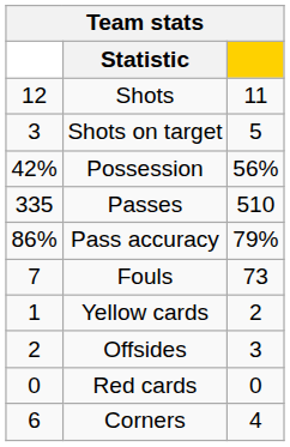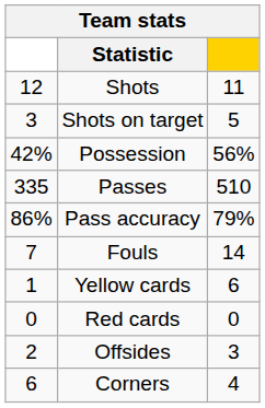 <table class="wikitable" style="margin-left: auto; margin-right: auto; border: none; text-align:center;">
 <tr>
 <th colspan=3>Team stats</th>
 </tr>
 <tr>
 <th style="background: #FFFFFF; color: #000000;"> <a href='#'></a></th>
 <th>Statistic</th>
 <th style="background: #FED100; color: #000000;"> <a href='#'></a></th>
 </tr>
 <tr>
 <td>12</td>
 <td>Shots</td>
 <td>11</td>
 </tr>
 <tr>
 <td>3</td>
 <td>Shots on target</td>
 <td>5</td>
 </tr>
 <tr>
 <td>42%</td>
 <td>Possession</td>
 <td>56%</td>
 </tr>
 <tr>
 <td>335</td>
 <td>Passes</td>
 <td>510</td>
 </tr>
 <tr>
 <td>86%</td>
 <td>Pass accuracy</td>
 <td>79%</td>
 </tr>
 <tr>
 <td>7</td>
 <td>Fouls</td>
-<td>73</td>
+<td>14</td>
 </tr>
 <tr>
 <td>1</td>
 <td>Yellow cards</td>
-<td>2</td>
+<td>6</td>
+</tr>
+<tr>
+<td>0</td>
+<td>Red cards</td>
+<td>0</td>
 </tr>
 <tr>
 <td>2</td>
 <td>Offsides</td>
 <td>3</td>
 </tr>
 <tr>
-<td>0</td>
-<td>Red cards</td>
-<td>0</td>
-</tr>
-<tr>
 <td>6</td>
 <td>Corners</td>
 <td>4</td>
 </tr>
 </table>
